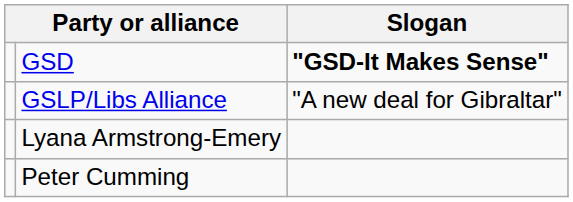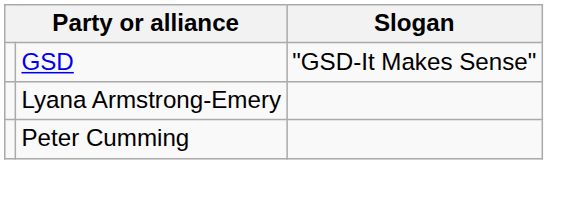 <table class=wikitable>
 <tr>
 <th colspan=2>Party or alliance</th>
 <th>Slogan</th>
 </tr>
 <tr>
 <td></td>
 <td><a href='#'>GSD</a></td>
-<td><strong>"GSD-It Makes Sense"</strong></td>
-</tr>
-<tr>
-<td></td>
-<td><a href='#'>GSLP/Libs Alliance</a></td>
-<td>"A new deal for Gibraltar"</td>
+<td>"GSD-It Makes Sense"</td>
 </tr>
 <tr>
 <td></td>
 <td>Lyana Armstrong-Emery</td>
 <td></td>
 </tr>
 <tr>
 <td></td>
 <td>Peter Cumming</td>
 <td></td>
 </tr>
 </table>
